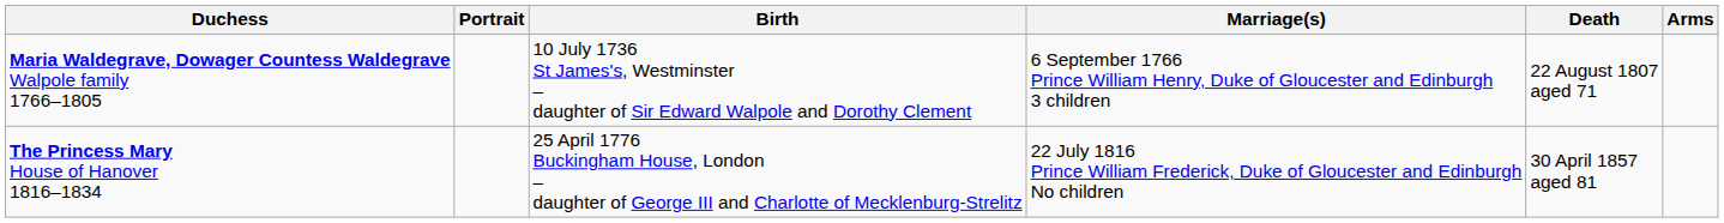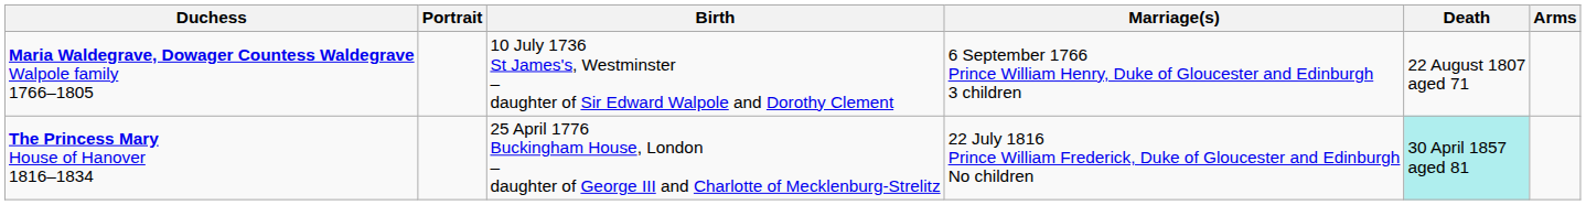 <table class="wikitable">
 <tr>
 <th>Duchess</th>
 <th>Portrait</th>
 <th>Birth</th>
 <th>Marriage(s)</th>
 <th>Death</th>
 <th>Arms</th>
 </tr>
 <tr>
 <td><strong><a href='#'>Maria Waldegrave, Dowager Countess Waldegrave</a></strong><br><a href='#'>Walpole family</a><br>1766–1805</td>
 <td></td>
 <td>10 July 1736<br><a href='#'>St James's</a>, Westminster<br>–<br>daughter of <a href='#'>Sir Edward Walpole</a> and <a href='#'>Dorothy Clement</a></td>
 <td>6 September 1766<br><a href='#'>Prince William Henry, Duke of Gloucester and Edinburgh</a><br>3 children</td>
 <td>22 August 1807<br>aged 71</td>
 </tr>
 <tr>
 <td><strong><a href='#'>The Princess Mary</a></strong><br><a href='#'>House of Hanover</a><br> 1816–1834</td>
 <td></td>
 <td>25 April 1776<br><a href='#'>Buckingham House</a>, London<br>–<br>daughter of <a href='#'>George III</a> and <a href='#'>Charlotte of Mecklenburg-Strelitz</a></td>
 <td>22 July 1816<br><a href='#'>Prince William Frederick, Duke of Gloucester and Edinburgh</a><br>No children</td>
-<td>30 April 1857<br>aged 81</td>
+<td style="background: paleturquoise;">30 April 1857<br>aged 81</td>
 <td></td>
 </tr>
 </table>
